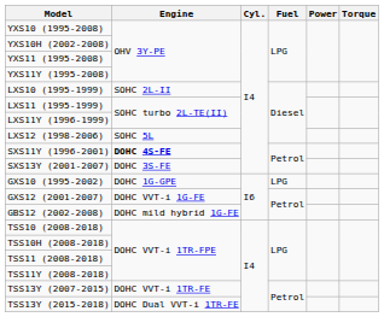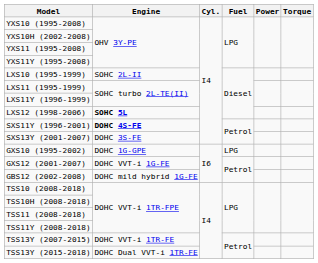 <table class="wikitable" style="text-align: left">
 <tr>
 <th>Model</th>
 <th>Engine</th>
 <th>Cyl.</th>
 <th>Fuel</th>
 <th>Power</th>
 <th>Torque</th>
 </tr>
 <tr>
 <td>YXS10 (1995-2008)</td>
 <td rowspan=4> OHV <a href='#'>3Y-PE</a></td>
 <td rowspan=10>I4</td>
 <td rowspan=4>LPG</td>
 <td rowspan=4></td>
 <td rowspan=4></td>
 </tr>
 <tr>
 <td>YXS10H (2002-2008)</td>
 </tr>
 <tr>
 <td>YXS11 (1995-2008)</td>
 </tr>
 <tr>
 <td>YXS11Y (1995-2008)</td>
 </tr>
 <tr>
 <td>LXS10 (1995-1999)</td>
 <td> SOHC <a href='#'>2L-II</a></td>
 <td rowspan=4>Diesel</td>
 <td></td>
 <td></td>
 </tr>
 <tr>
 <td>LXS11 (1995-1999)</td>
 <td rowspan=2> SOHC turbo <a href='#'>2L-TE(II)</a></td>
 <td rowspan=2></td>
 <td rowspan=2></td>
 </tr>
 <tr>
 <td>LXS11Y (1996-1999)</td>
 </tr>
 <tr>
 <td>LXS12 (1998-2006)</td>
-<td> SOHC <a href='#'>5L</a></td>
+<td><strong> SOHC <a href='#'>5L</a></strong></td>
 <td></td>
 <td></td>
 </tr>
 <tr>
 <td>SXS11Y (1996-2001)</td>
 <td><strong> DOHC <a href='#'>4S-FE</a></strong></td>
 <td rowspan=2>Petrol</td>
 <td></td>
 <td></td>
 </tr>
 <tr>
 <td>SXS13Y (2001-2007)</td>
 <td> DOHC <a href='#'>3S-FE</a></td>
 <td></td>
 <td></td>
 </tr>
 <tr>
 <td>GXS10 (1995-2002)</td>
 <td> DOHC <a href='#'>1G-GPE</a></td>
 <td rowspan=3>I6</td>
 <td>LPG</td>
 <td></td>
 <td></td>
 </tr>
 <tr>
 <td>GXS12 (2001-2007)</td>
 <td> DOHC VVT-i <a href='#'>1G-FE</a></td>
 <td rowspan=2>Petrol</td>
 <td></td>
 <td></td>
 </tr>
 <tr>
 <td>GBS12 (2002-2008)</td>
 <td> DOHC mild hybrid <a href='#'>1G-FE</a></td>
 <td></td>
 <td></td>
 </tr>
 <tr>
 <td>TSS10 (2008-2018)</td>
 <td rowspan=4> DOHC VVT-i <a href='#'>1TR-FPE</a></td>
 <td rowspan=6>I4</td>
 <td rowspan=4>LPG</td>
 <td rowspan=4></td>
 <td rowspan=4></td>
 </tr>
 <tr>
 <td>TSS10H (2008-2018)</td>
 </tr>
 <tr>
 <td>TSS11 (2008-2018)</td>
 </tr>
 <tr>
 <td>TSS11Y (2008-2018)</td>
 </tr>
 <tr>
 <td>TSS13Y (2007-2015)</td>
 <td> DOHC VVT-i <a href='#'>1TR-FE</a></td>
 <td rowspan=2>Petrol</td>
 <td></td>
 <td></td>
 </tr>
 <tr>
 <td>TSS13Y (2015-2018)</td>
 <td> DOHC Dual VVT-i <a href='#'>1TR-FE</a></td>
 <td></td>
 <td></td>
 </tr>
 </table>
